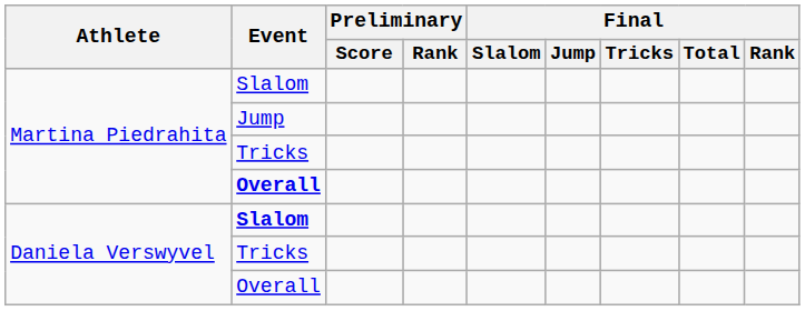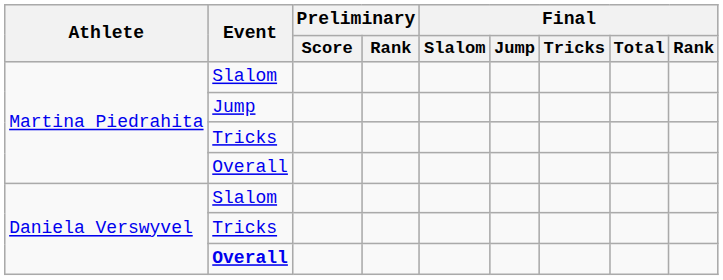 <table class=wikitable style=font-size:90%;text-align:center>
 <tr>
 <th rowspan=2>Athlete</th>
 <th rowspan=2>Event</th>
 <th colspan=2>Preliminary</th>
 <th colspan=5>Final</th>
 </tr>
 <tr style=font-size:95%>
 <th>Score</th>
 <th>Rank</th>
 <th>Slalom</th>
 <th>Jump</th>
 <th>Tricks</th>
 <th>Total</th>
 <th>Rank</th>
 </tr>
 <tr>
 <td align=left rowspan=4><a href='#'>Martina Piedrahita</a></td>
 <td align=left><a href='#'>Slalom</a></td>
 <td></td>
 <td></td>
 <td></td>
 <td></td>
 <td></td>
 <td></td>
 <td></td>
 </tr>
 <tr>
 <td align=left><a href='#'>Jump</a></td>
 <td></td>
 <td></td>
 <td></td>
 <td></td>
 <td></td>
 <td></td>
 <td></td>
 </tr>
 <tr>
 <td align=left><a href='#'>Tricks</a></td>
 <td></td>
 <td></td>
 <td></td>
 <td></td>
 <td></td>
 <td></td>
 <td></td>
 </tr>
 <tr>
-<td align=left><strong><a href='#'>Overall</a></strong></td>
+<td align=left><a href='#'>Overall</a></td>
 <td></td>
 <td></td>
 <td></td>
 <td></td>
 <td></td>
 <td></td>
 <td></td>
 </tr>
 <tr>
 <td align=left rowspan=3><a href='#'>Daniela Verswyvel</a></td>
-<td align=left><strong><a href='#'>Slalom</a></strong></td>
+<td align=left><a href='#'>Slalom</a></td>
 <td></td>
 <td></td>
 <td></td>
 <td></td>
 <td></td>
 <td></td>
 <td></td>
 </tr>
 <tr>
 <td align=left><a href='#'>Tricks</a></td>
 <td></td>
 <td></td>
 <td></td>
 <td></td>
 <td></td>
 <td></td>
 <td></td>
 </tr>
 <tr>
-<td align=left><a href='#'>Overall</a></td>
+<td align=left><strong><a href='#'>Overall</a></strong></td>
 <td></td>
 <td></td>
 <td></td>
 <td></td>
 <td></td>
 <td></td>
 <td></td>
 </tr>
 </table>
